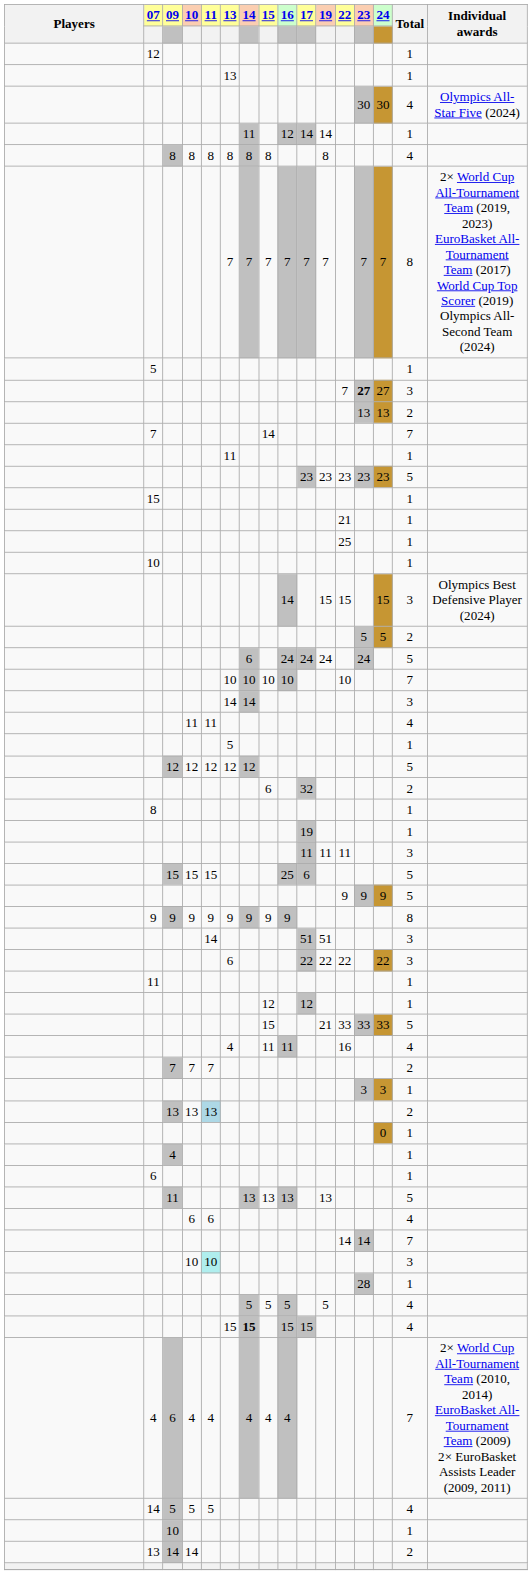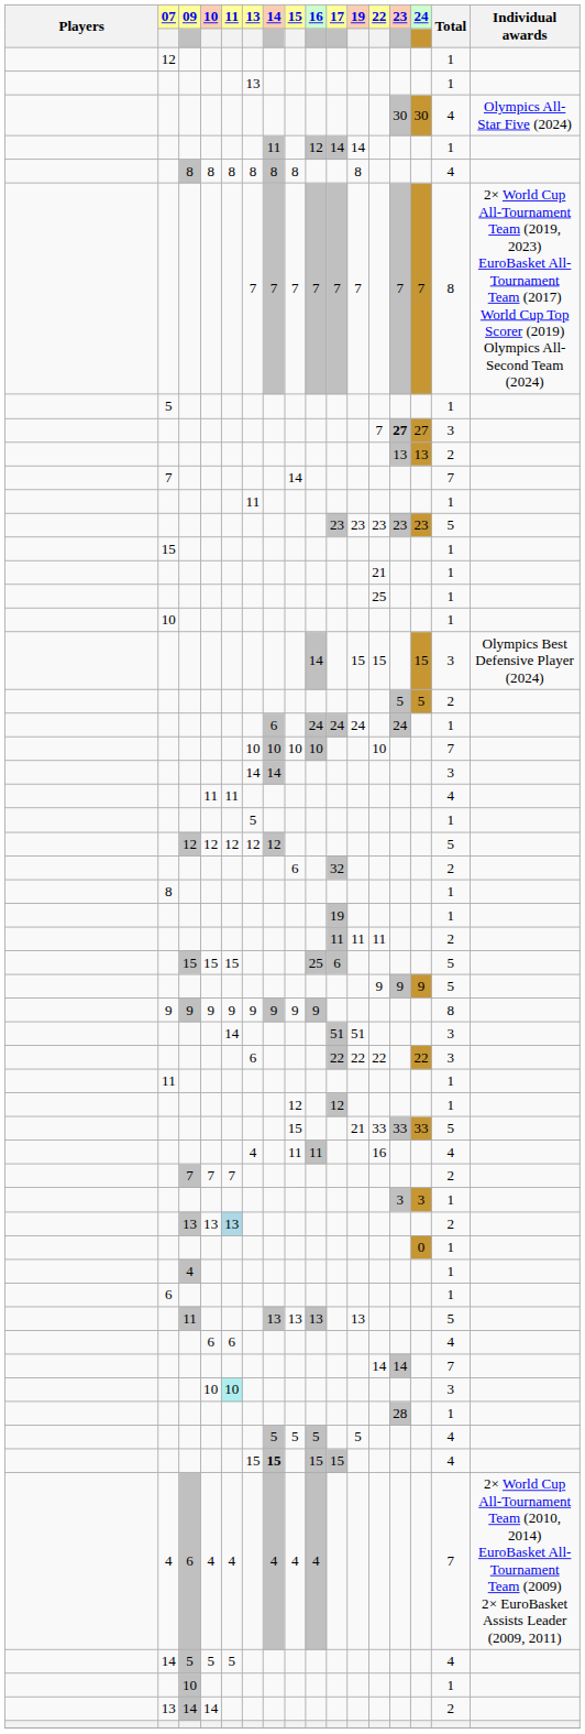 <table class="wikitable sortable" style="text-align:center; font-size:95%;">
 <tr>
 <th rowspan="2" style="width:155px;">Players</th>
 <th style="background-color:#FFFF99"><a href='#'>07</a></th>
 <th style="background-color:#FFFF99"><a href='#'>09</a></th>
 <th style="background-color:#FBCEB1"><a href='#'>10</a></th>
 <th style="background-color:#FFFF99"><a href='#'>11</a></th>
 <th style="background-color:#FFFF99"><a href='#'>13</a></th>
 <th style="background-color:#FBCEB1"><a href='#'>14</a></th>
 <th style="background-color:#FFFF99"><a href='#'>15</a></th>
 <th style="background-color:#CCFFCC"><a href='#'>16</a></th>
 <th style="background-color:#FFFF99"><a href='#'>17</a></th>
 <th style="background-color:#FBCEB1"><a href='#'>19</a></th>
 <th style="background-color:#FFFF99"><a href='#'>22</a></th>
 <th style="background-color:#FBCEB1"><a href='#'>23</a></th>
 <th style="background-color:#CCFFCC"><a href='#'>24</a></th>
 <th rowspan="2">Total</th>
 <th rowspan="2">Individual awards</th>
 </tr>
 <tr style="text-align:center; height:20px;">
 <th scope=row></th>
 <th style="background-color:silver"></th>
 <th></th>
 <th></th>
 <th></th>
 <th style="background-color:silver"></th>
 <th></th>
 <th style="background-color:silver"></th>
 <th style="background-color:silver"></th>
 <th></th>
 <th></th>
 <th style="background-color:silver"></th>
 <th style="background-color:#C69633"></th>
 </tr>
 <tr>
 <td></td>
 <td>12</td>
 <td></td>
 <td></td>
 <td></td>
 <td></td>
 <td></td>
 <td></td>
 <td></td>
 <td></td>
 <td></td>
 <td></td>
 <td></td>
 <td></td>
 <td>1</td>
 <td></td>
 </tr>
 <tr>
 <td></td>
 <td></td>
 <td></td>
 <td></td>
 <td></td>
 <td>13</td>
 <td></td>
 <td></td>
 <td></td>
 <td></td>
 <td></td>
 <td></td>
 <td></td>
 <td></td>
 <td>1</td>
 <td></td>
 </tr>
 <tr>
 <td></td>
 <td></td>
 <td></td>
 <td></td>
 <td></td>
 <td></td>
 <td></td>
 <td></td>
 <td></td>
 <td></td>
 <td></td>
 <td></td>
 <td style="background-color:silver">30</td>
 <td style="background-color:#C69633">30</td>
 <td>4</td>
 <td><a href='#'>Olympics All-Star Five</a> (2024)</td>
 </tr>
 <tr>
 <td></td>
 <td></td>
 <td></td>
 <td></td>
 <td></td>
 <td></td>
 <td style="background-color:silver">11</td>
 <td></td>
 <td style="background-color:silver">12</td>
 <td style="background-color:silver">14</td>
 <td>14</td>
 <td></td>
 <td></td>
 <td></td>
 <td>1</td>
 <td></td>
 </tr>
 <tr>
 <td></td>
 <td></td>
 <td style="background-color:silver">8</td>
 <td>8</td>
 <td>8</td>
 <td>8</td>
 <td style="background-color:silver">8</td>
 <td>8</td>
 <td></td>
 <td></td>
 <td>8</td>
 <td></td>
 <td></td>
 <td></td>
 <td>4</td>
 <td></td>
 </tr>
 <tr>
 <td></td>
 <td></td>
 <td></td>
 <td></td>
 <td></td>
 <td>7</td>
 <td style="background-color:silver">7</td>
 <td>7</td>
 <td style="background-color:silver">7</td>
 <td style="background-color:silver">7</td>
 <td>7</td>
 <td></td>
 <td style="background-color:silver">7</td>
 <td style="background-color:#C69633">7</td>
 <td>8</td>
 <td>2× <a href='#'>World Cup All-Tournament Team</a> (2019, 2023)<br><a href='#'>EuroBasket All-Tournament Team</a> (2017)<br><a href='#'>World Cup Top Scorer</a> (2019)<br>Olympics All-Second Team (2024)</td>
 </tr>
 <tr>
 <td></td>
 <td>5</td>
 <td></td>
 <td></td>
 <td></td>
 <td></td>
 <td></td>
 <td></td>
 <td></td>
 <td></td>
 <td></td>
 <td></td>
 <td></td>
 <td></td>
 <td>1</td>
 <td></td>
 </tr>
 <tr>
 <td></td>
 <td></td>
 <td></td>
 <td></td>
 <td></td>
 <td></td>
 <td></td>
 <td></td>
 <td></td>
 <td></td>
 <td></td>
 <td>7</td>
 <td style="background-color:silver"><strong>27</strong></td>
 <td style="background-color:#C69633">27</td>
 <td>3</td>
 <td></td>
 </tr>
 <tr>
 <td></td>
 <td></td>
 <td></td>
 <td></td>
 <td></td>
 <td></td>
 <td></td>
 <td></td>
 <td></td>
 <td></td>
 <td></td>
 <td></td>
 <td style="background-color:silver">13</td>
 <td style="background-color:#C69633">13</td>
 <td>2</td>
 <td></td>
 </tr>
 <tr>
 <td></td>
 <td>7</td>
 <td></td>
 <td></td>
 <td></td>
 <td></td>
 <td></td>
 <td>14</td>
 <td></td>
 <td></td>
 <td></td>
 <td></td>
 <td></td>
 <td></td>
 <td>7</td>
 <td></td>
 </tr>
 <tr>
 <td></td>
 <td></td>
 <td></td>
 <td></td>
 <td></td>
 <td>11</td>
 <td></td>
 <td></td>
 <td></td>
 <td></td>
 <td></td>
 <td></td>
 <td></td>
 <td></td>
 <td>1</td>
 <td></td>
 </tr>
 <tr>
 <td></td>
 <td></td>
 <td></td>
 <td></td>
 <td></td>
 <td></td>
 <td></td>
 <td></td>
 <td></td>
 <td style="background-color:silver">23</td>
 <td>23</td>
 <td>23</td>
 <td style="background-color:silver">23</td>
 <td style="background-color:#C69633">23</td>
 <td>5</td>
 <td></td>
 </tr>
 <tr>
 <td></td>
 <td>15</td>
 <td></td>
 <td></td>
 <td></td>
 <td></td>
 <td></td>
 <td></td>
 <td></td>
 <td></td>
 <td></td>
 <td></td>
 <td></td>
 <td></td>
 <td>1</td>
 <td></td>
 </tr>
 <tr>
 <td></td>
 <td></td>
 <td></td>
 <td></td>
 <td></td>
 <td></td>
 <td></td>
 <td></td>
 <td></td>
 <td></td>
 <td></td>
 <td>21</td>
 <td></td>
 <td></td>
 <td>1</td>
 <td></td>
 </tr>
 <tr>
 <td></td>
 <td></td>
 <td></td>
 <td></td>
 <td></td>
 <td></td>
 <td></td>
 <td></td>
 <td></td>
 <td></td>
 <td></td>
 <td>25</td>
 <td></td>
 <td></td>
 <td>1</td>
 <td></td>
 </tr>
 <tr>
 <td></td>
 <td>10</td>
 <td></td>
 <td></td>
 <td></td>
 <td></td>
 <td></td>
 <td></td>
 <td></td>
 <td></td>
 <td></td>
 <td></td>
 <td></td>
 <td></td>
 <td>1</td>
 <td></td>
 </tr>
 <tr>
 <td></td>
 <td></td>
 <td></td>
 <td></td>
 <td></td>
 <td></td>
 <td></td>
 <td></td>
 <td style="background-color:silver">14</td>
 <td></td>
 <td>15</td>
 <td>15</td>
 <td></td>
 <td style="background-color:#C69633">15</td>
 <td>3</td>
 <td>Olympics Best Defensive Player (2024)</td>
 </tr>
 <tr>
 <td></td>
 <td></td>
 <td></td>
 <td></td>
 <td></td>
 <td></td>
 <td></td>
 <td></td>
 <td></td>
 <td></td>
 <td></td>
 <td></td>
 <td style="background-color:silver">5</td>
 <td style="background-color:#C69633">5</td>
 <td>2</td>
 <td></td>
 </tr>
 <tr>
 <td></td>
 <td></td>
 <td></td>
 <td></td>
 <td></td>
 <td></td>
 <td style="background-color:silver">6</td>
 <td></td>
 <td style="background-color:silver">24</td>
 <td style="background-color:silver">24</td>
 <td>24</td>
 <td></td>
 <td style="background-color:silver">24</td>
 <td></td>
-<td>5</td>
+<td>1</td>
 <td></td>
 </tr>
 <tr>
 <td></td>
 <td></td>
 <td></td>
 <td></td>
 <td></td>
 <td>10</td>
 <td style="background-color:silver">10</td>
 <td>10</td>
 <td style="background-color:silver">10</td>
 <td></td>
 <td></td>
 <td>10</td>
 <td></td>
 <td></td>
 <td>7</td>
 <td></td>
 </tr>
 <tr>
 <td></td>
 <td></td>
 <td></td>
 <td></td>
 <td></td>
 <td>14</td>
 <td style="background-color:silver">14</td>
 <td></td>
 <td></td>
 <td></td>
 <td></td>
 <td></td>
 <td></td>
 <td></td>
 <td>3</td>
 <td></td>
 </tr>
 <tr>
 <td></td>
 <td></td>
 <td></td>
 <td>11</td>
 <td>11</td>
 <td></td>
 <td></td>
 <td></td>
 <td></td>
 <td></td>
 <td></td>
 <td></td>
 <td></td>
 <td></td>
 <td>4</td>
 <td></td>
 </tr>
 <tr>
 <td></td>
 <td></td>
 <td></td>
 <td></td>
 <td></td>
 <td>5</td>
 <td></td>
 <td></td>
 <td></td>
 <td></td>
 <td></td>
 <td></td>
 <td></td>
 <td></td>
 <td>1</td>
 <td></td>
 </tr>
 <tr>
 <td></td>
 <td></td>
 <td style="background-color:silver">12</td>
 <td>12</td>
 <td>12</td>
 <td>12</td>
 <td style="background-color:silver">12</td>
 <td></td>
 <td></td>
 <td></td>
 <td></td>
 <td></td>
 <td></td>
 <td></td>
 <td>5</td>
 <td></td>
 </tr>
 <tr>
 <td></td>
 <td></td>
 <td></td>
 <td></td>
 <td></td>
 <td></td>
 <td></td>
 <td>6</td>
 <td></td>
 <td style="background-color:silver">32</td>
 <td></td>
 <td></td>
 <td></td>
 <td></td>
 <td>2</td>
 <td></td>
 </tr>
 <tr>
 <td></td>
 <td>8</td>
 <td></td>
 <td></td>
 <td></td>
 <td></td>
 <td></td>
 <td></td>
 <td></td>
 <td></td>
 <td></td>
 <td></td>
 <td></td>
 <td></td>
 <td>1</td>
 <td></td>
 </tr>
 <tr>
 <td></td>
 <td></td>
 <td></td>
 <td></td>
 <td></td>
 <td></td>
 <td></td>
 <td></td>
 <td></td>
 <td style="background-color:silver">19</td>
 <td></td>
 <td></td>
 <td></td>
 <td></td>
 <td>1</td>
 <td></td>
 </tr>
 <tr>
 <td></td>
 <td></td>
 <td></td>
 <td></td>
 <td></td>
 <td></td>
 <td></td>
 <td></td>
 <td></td>
 <td style="background-color:silver">11</td>
 <td>11</td>
 <td>11</td>
 <td></td>
 <td></td>
-<td>3</td>
+<td>2</td>
 <td></td>
 </tr>
 <tr>
 <td></td>
 <td></td>
 <td style="background-color:silver">15</td>
 <td>15</td>
 <td>15</td>
 <td></td>
 <td></td>
 <td></td>
 <td style="background-color:silver">25</td>
 <td style="background-color:silver">6</td>
 <td></td>
 <td></td>
 <td></td>
 <td></td>
 <td>5</td>
 <td></td>
 </tr>
 <tr>
 <td></td>
 <td></td>
 <td></td>
 <td></td>
 <td></td>
 <td></td>
 <td></td>
 <td></td>
 <td></td>
 <td></td>
 <td></td>
 <td>9</td>
 <td style="background-color:silver">9</td>
 <td style="background-color:#C69633">9</td>
 <td>5</td>
 <td></td>
 </tr>
 <tr>
 <td></td>
 <td>9</td>
 <td style="background-color:silver">9</td>
 <td>9</td>
 <td>9</td>
 <td>9</td>
 <td style="background-color:silver">9</td>
 <td>9</td>
 <td style="background-color:silver">9</td>
 <td></td>
 <td></td>
 <td></td>
 <td></td>
 <td></td>
 <td>8</td>
 <td></td>
 </tr>
 <tr>
 <td></td>
 <td></td>
 <td></td>
 <td></td>
 <td>14</td>
 <td></td>
 <td></td>
 <td></td>
 <td></td>
 <td style="background-color:silver">51</td>
 <td>51</td>
 <td></td>
 <td></td>
 <td></td>
 <td>3</td>
 <td></td>
 </tr>
 <tr>
 <td></td>
 <td></td>
 <td></td>
 <td></td>
 <td></td>
 <td>6</td>
 <td></td>
 <td></td>
 <td></td>
 <td style="background-color:silver">22</td>
 <td>22</td>
 <td>22</td>
 <td></td>
 <td style="background-color:#C69633">22</td>
 <td>3</td>
 <td></td>
 </tr>
 <tr>
 <td></td>
 <td>11</td>
 <td></td>
 <td></td>
 <td></td>
 <td></td>
 <td></td>
 <td></td>
 <td></td>
 <td></td>
 <td></td>
 <td></td>
 <td></td>
 <td></td>
 <td>1</td>
 <td></td>
 </tr>
 <tr>
 <td></td>
 <td></td>
 <td></td>
 <td></td>
 <td></td>
 <td></td>
 <td></td>
 <td>12</td>
 <td></td>
 <td style="background-color:silver">12</td>
 <td></td>
 <td></td>
 <td></td>
 <td></td>
 <td>1</td>
 <td></td>
 </tr>
 <tr>
 <td></td>
 <td></td>
 <td></td>
 <td></td>
 <td></td>
 <td></td>
 <td></td>
 <td>15</td>
 <td></td>
 <td></td>
 <td>21</td>
 <td>33</td>
 <td style="background-color:silver">33</td>
 <td style="background-color:#C69633">33</td>
 <td>5</td>
 <td></td>
 </tr>
 <tr>
 <td></td>
 <td></td>
 <td></td>
 <td></td>
 <td></td>
 <td>4</td>
 <td></td>
 <td>11</td>
 <td style="background-color:silver">11</td>
 <td></td>
 <td></td>
 <td>16</td>
 <td></td>
 <td></td>
 <td>4</td>
 <td></td>
 </tr>
 <tr>
 <td></td>
 <td></td>
 <td style="background-color:silver">7</td>
 <td>7</td>
 <td>7</td>
 <td></td>
 <td></td>
 <td></td>
 <td></td>
 <td></td>
 <td></td>
 <td></td>
 <td></td>
 <td></td>
 <td>2</td>
 <td></td>
 </tr>
 <tr>
 <td></td>
 <td></td>
 <td></td>
 <td></td>
 <td></td>
 <td></td>
 <td></td>
 <td></td>
 <td></td>
 <td></td>
 <td></td>
 <td></td>
 <td style="background-color:silver">3</td>
 <td style="background-color:#C69633">3</td>
 <td>1</td>
 <td></td>
 </tr>
 <tr>
 <td></td>
 <td></td>
 <td style="background-color:silver">13</td>
 <td>13</td>
 <td style="background: lightblue;">13</td>
 <td></td>
 <td></td>
 <td></td>
 <td></td>
 <td></td>
 <td></td>
 <td></td>
 <td></td>
 <td></td>
 <td>2</td>
 <td></td>
 </tr>
 <tr>
 <td></td>
 <td></td>
 <td></td>
 <td></td>
 <td></td>
 <td></td>
 <td></td>
 <td></td>
 <td></td>
 <td></td>
 <td></td>
 <td></td>
 <td></td>
 <td style="background-color:#C69633">0</td>
 <td>1</td>
 <td></td>
 </tr>
 <tr>
 <td></td>
 <td></td>
 <td style="background-color:silver">4</td>
 <td></td>
 <td></td>
 <td></td>
 <td></td>
 <td></td>
 <td></td>
 <td></td>
 <td></td>
 <td></td>
 <td></td>
 <td></td>
 <td>1</td>
 <td></td>
 </tr>
 <tr>
 <td></td>
 <td>6</td>
 <td></td>
 <td></td>
 <td></td>
 <td></td>
 <td></td>
 <td></td>
 <td></td>
 <td></td>
 <td></td>
 <td></td>
 <td></td>
 <td></td>
 <td>1</td>
 <td></td>
 </tr>
 <tr>
 <td></td>
 <td></td>
 <td style="background-color:silver">11</td>
 <td></td>
 <td></td>
 <td></td>
 <td style="background-color:silver">13</td>
 <td>13</td>
 <td style="background-color:silver">13</td>
 <td></td>
 <td>13</td>
 <td></td>
 <td></td>
 <td></td>
 <td>5</td>
 <td></td>
 </tr>
 <tr>
 <td></td>
 <td></td>
 <td></td>
 <td>6</td>
 <td>6</td>
 <td></td>
 <td></td>
 <td></td>
 <td></td>
 <td></td>
 <td></td>
 <td></td>
 <td></td>
 <td></td>
 <td>4</td>
 <td></td>
 </tr>
 <tr>
 <td></td>
 <td></td>
 <td></td>
 <td></td>
 <td></td>
 <td></td>
 <td></td>
 <td></td>
 <td></td>
 <td></td>
 <td></td>
 <td>14</td>
 <td style="background-color:silver">14</td>
 <td></td>
 <td>7</td>
 <td></td>
 </tr>
 <tr>
 <td></td>
 <td></td>
 <td></td>
 <td>10</td>
 <td style="background: paleturquoise;">10</td>
 <td></td>
 <td></td>
 <td></td>
 <td></td>
 <td></td>
 <td></td>
 <td></td>
 <td></td>
 <td></td>
 <td>3</td>
 <td></td>
 </tr>
 <tr>
 <td></td>
 <td></td>
 <td></td>
 <td></td>
 <td></td>
 <td></td>
 <td></td>
 <td></td>
 <td></td>
 <td></td>
 <td></td>
 <td></td>
 <td style="background-color:silver">28</td>
 <td></td>
 <td>1</td>
 <td></td>
 </tr>
 <tr>
 <td></td>
 <td></td>
 <td></td>
 <td></td>
 <td></td>
 <td></td>
 <td style="background-color:silver">5</td>
 <td>5</td>
 <td style="background-color:silver">5</td>
 <td></td>
 <td>5</td>
 <td></td>
 <td></td>
 <td></td>
 <td>4</td>
 <td></td>
 </tr>
 <tr>
 <td></td>
 <td></td>
 <td></td>
 <td></td>
 <td></td>
 <td>15</td>
 <td style="background-color:silver"><strong>15</strong></td>
 <td></td>
 <td style="background-color:silver">15</td>
 <td style="background-color:silver">15</td>
 <td></td>
 <td></td>
 <td></td>
 <td></td>
 <td>4</td>
 <td></td>
 </tr>
 <tr>
 <td></td>
 <td>4</td>
 <td style="background-color:silver">6</td>
 <td>4</td>
 <td>4</td>
 <td></td>
 <td style="background-color:silver">4</td>
 <td>4</td>
 <td style="background-color:silver">4</td>
 <td></td>
 <td></td>
 <td></td>
 <td></td>
 <td></td>
 <td>7</td>
 <td>2× <a href='#'>World Cup All-Tournament Team</a> (2010, 2014)<br><a href='#'>EuroBasket All-Tournament Team</a> (2009)<br> 2× EuroBasket Assists Leader (2009, 2011)</td>
 </tr>
 <tr>
 <td></td>
 <td>14</td>
 <td style="background-color:silver">5</td>
 <td>5</td>
 <td>5</td>
 <td></td>
 <td></td>
 <td></td>
 <td></td>
 <td></td>
 <td></td>
 <td></td>
 <td></td>
 <td></td>
 <td>4</td>
 <td></td>
 </tr>
 <tr>
 <td></td>
 <td></td>
 <td style="background-color:silver">10</td>
 <td></td>
 <td></td>
 <td></td>
 <td></td>
 <td></td>
 <td></td>
 <td></td>
 <td></td>
 <td></td>
 <td></td>
 <td></td>
 <td>1</td>
 <td></td>
 </tr>
 <tr>
 <td></td>
 <td>13</td>
 <td style="background-color:silver">14</td>
 <td>14</td>
 <td></td>
 <td></td>
 <td></td>
 <td></td>
 <td></td>
 <td></td>
 <td></td>
 <td></td>
 <td></td>
 <td></td>
 <td>2</td>
 <td></td>
 </tr>
 <tr>
 <th></th>
 <th></th>
 <th></th>
 <th></th>
 <th></th>
 <th></th>
 <th></th>
 <th></th>
 <th></th>
 <th></th>
 <th></th>
 <th></th>
 <th></th>
 <th></th>
 <th></th>
 <th colspan=2></th>
 </tr>
 <tr>
 </tr>
 </table>
